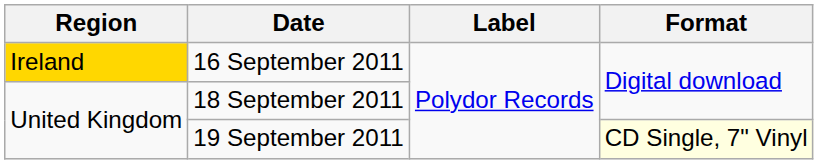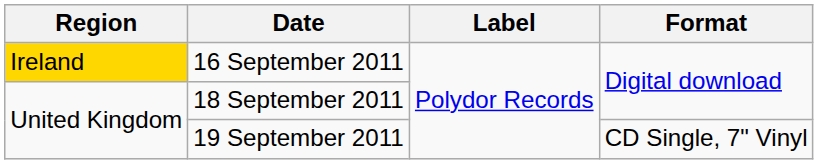 <table class="wikitable">
 <tr>
 <th>Region</th>
 <th>Date</th>
 <th>Label</th>
 <th>Format</th>
 </tr>
 <tr>
 <td style="background: gold;">Ireland</td>
 <td>16 September 2011</td>
 <td rowspan="3"><a href='#'>Polydor Records</a></td>
 <td rowspan="2"><a href='#'>Digital download</a></td>
 </tr>
 <tr>
 <td rowspan="2">United Kingdom</td>
 <td>18 September 2011</td>
 </tr>
 <tr>
 <td>19 September 2011</td>
-<td style="background: lightyellow;">CD Single, 7" Vinyl</td>
+<td>CD Single, 7" Vinyl</td>
 </tr>
 </table>
